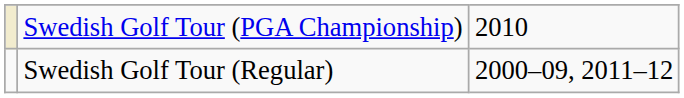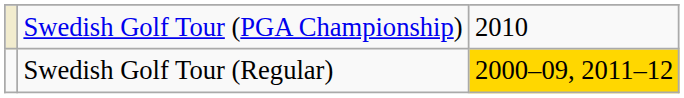 <table class="wikitable" style="font-size:95%">
 <tr>
 <td style="background:#f2ecce"></td>
 <td><a href='#'>Swedish Golf Tour</a> (<a href='#'>PGA Championship</a>)</td>
 <td>2010</td>
 </tr>
 <tr>
 <td></td>
 <td>Swedish Golf Tour (Regular)</td>
-<td>2000–09, 2011–12</td>
+<td style="background: gold;">2000–09, 2011–12</td>
 </tr>
 </table>
